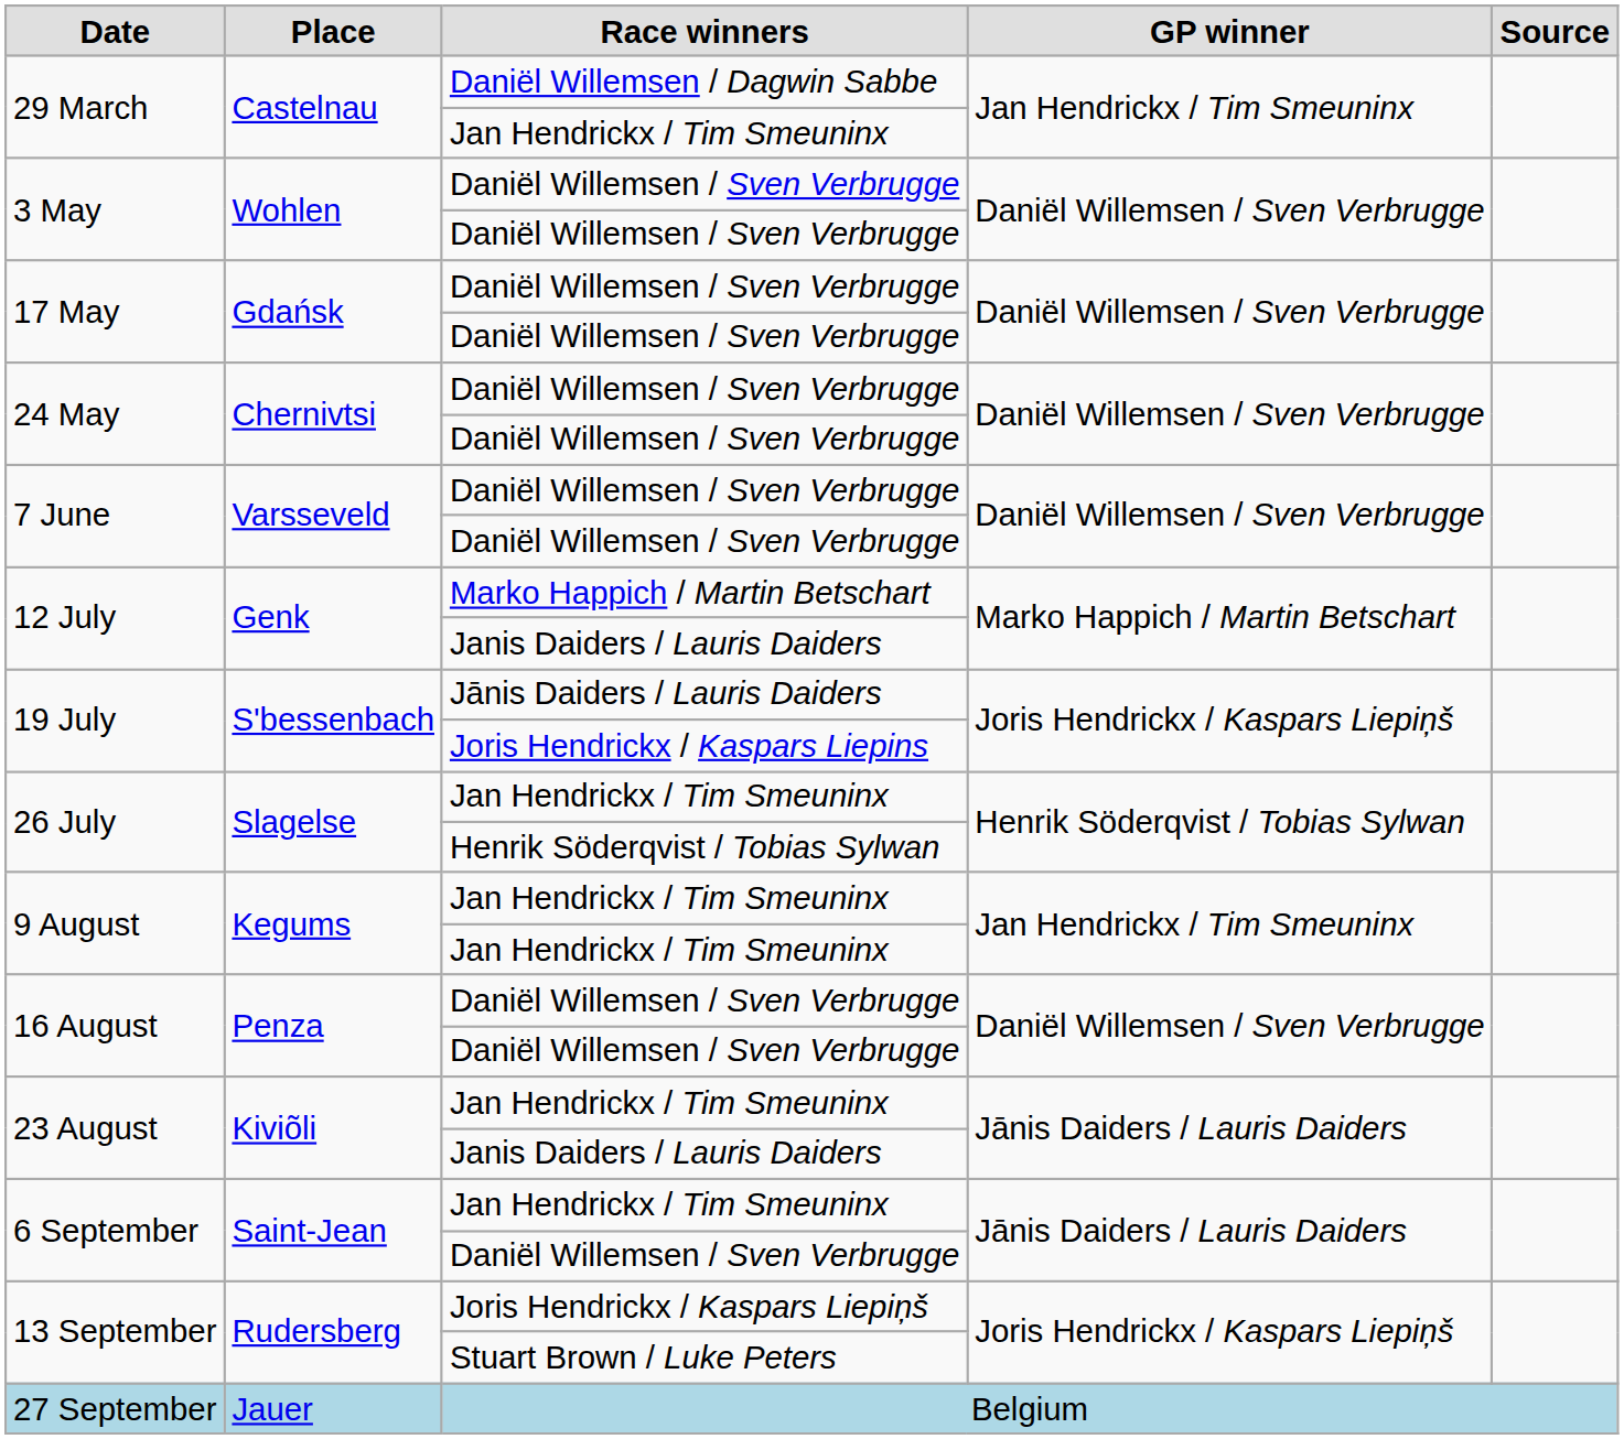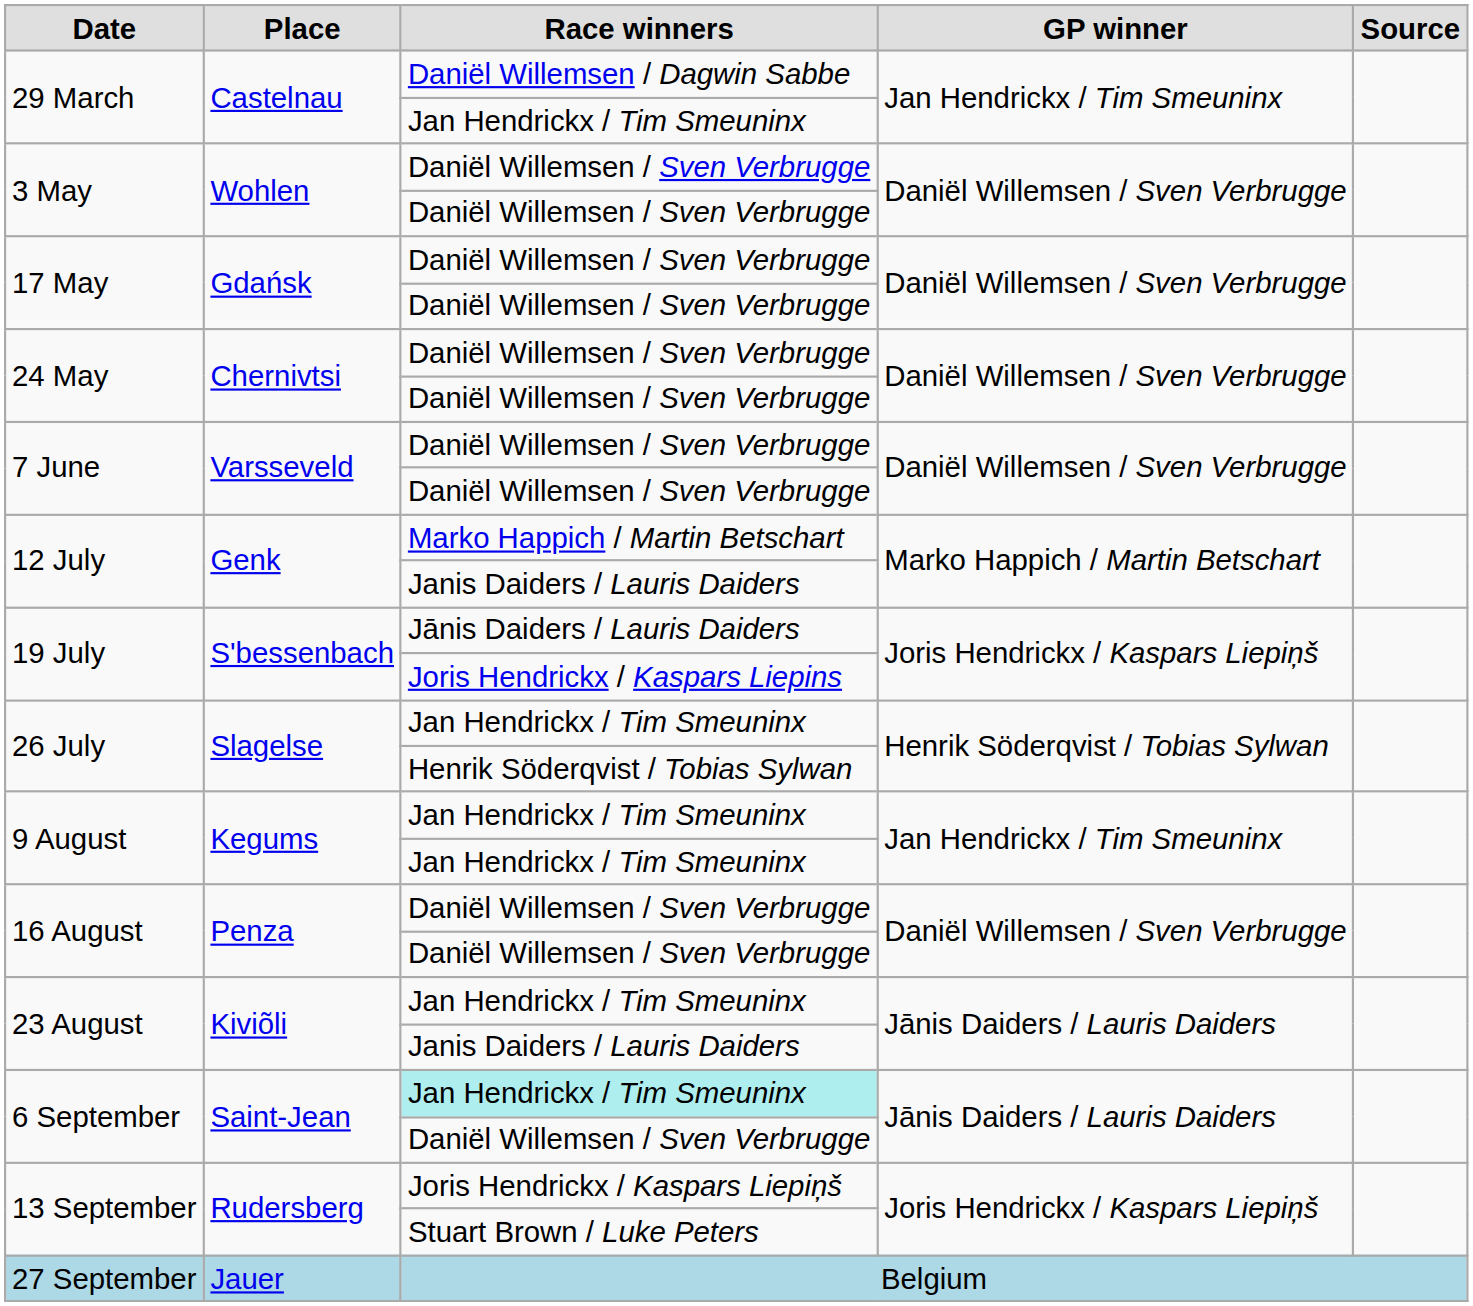 <table class="wikitable" style="font-size: 85%;">
 <tr align="center" style="background:#dfdfdf;">
 <td><strong>Date</strong></td>
 <td><strong>Place</strong></td>
 <td><strong>Race winners</strong></td>
 <td><strong>GP winner</strong></td>
 <td><strong>Source</strong></td>
 </tr>
 <tr>
 <td rowspan=2>29 March</td>
 <td rowspan=2> <a href='#'>Castelnau</a></td>
 <td> <a href='#'>Daniël Willemsen</a> /  <em>Dagwin Sabbe</em></td>
 <td rowspan=2> Jan Hendrickx / <em>Tim Smeuninx</em></td>
 <td rowspan=2></td>
 </tr>
 <tr>
 <td> Jan Hendrickx / <em>Tim Smeuninx</em></td>
 </tr>
 <tr>
 <td rowspan=2>3 May</td>
 <td rowspan=2> <a href='#'>Wohlen</a></td>
 <td> Daniël Willemsen /  <em><a href='#'>Sven Verbrugge</a></em></td>
 <td rowspan=2> Daniël Willemsen /  <em>Sven Verbrugge</em></td>
 <td rowspan=2></td>
 </tr>
 <tr>
 <td> Daniël Willemsen /  <em>Sven Verbrugge</em></td>
 </tr>
 <tr>
 <td rowspan=2>17 May</td>
 <td rowspan=2> <a href='#'>Gdańsk</a></td>
 <td> Daniël Willemsen /  <em>Sven Verbrugge</em></td>
 <td rowspan=2> Daniël Willemsen /  <em>Sven Verbrugge</em></td>
 <td rowspan=2></td>
 </tr>
 <tr>
 <td> Daniël Willemsen /  <em>Sven Verbrugge</em></td>
 </tr>
 <tr>
 <td rowspan=2>24 May</td>
 <td rowspan=2> <a href='#'>Chernivtsi</a></td>
 <td> Daniël Willemsen /  <em>Sven Verbrugge</em></td>
 <td rowspan=2> Daniël Willemsen /  <em>Sven Verbrugge</em></td>
 <td rowspan=2></td>
 </tr>
 <tr>
 <td> Daniël Willemsen /  <em>Sven Verbrugge</em></td>
 </tr>
 <tr>
 <td rowspan=2>7 June</td>
 <td rowspan=2> <a href='#'>Varsseveld</a></td>
 <td> Daniël Willemsen /  <em>Sven Verbrugge</em></td>
 <td rowspan=2> Daniël Willemsen /  <em>Sven Verbrugge</em></td>
 <td rowspan=2></td>
 </tr>
 <tr>
 <td> Daniël Willemsen /  <em>Sven Verbrugge</em></td>
 </tr>
 <tr>
 <td rowspan=2>12 July</td>
 <td rowspan=2> <a href='#'>Genk</a></td>
 <td> <a href='#'>Marko Happich</a> /  <em>Martin Betschart</em></td>
 <td rowspan=2> Marko Happich /  <em>Martin Betschart</em></td>
 <td rowspan=2></td>
 </tr>
 <tr>
 <td> Janis Daiders / <em>Lauris Daiders</em></td>
 </tr>
 <tr>
 <td rowspan=2>19 July</td>
 <td rowspan=2> <a href='#'>S'bessenbach</a></td>
 <td> Jānis Daiders / <em>Lauris Daiders</em></td>
 <td rowspan=2> Joris Hendrickx /  <em>Kaspars Liepiņš</em></td>
 <td rowspan=2></td>
 </tr>
 <tr>
 <td> <a href='#'>Joris Hendrickx</a> /  <em><a href='#'>Kaspars Liepins</a></em></td>
 </tr>
 <tr>
 <td rowspan=2>26 July</td>
 <td rowspan=2> <a href='#'>Slagelse</a></td>
 <td> Jan Hendrickx / <em>Tim Smeuninx</em></td>
 <td rowspan=2> Henrik Söderqvist / <em>Tobias Sylwan</em></td>
 <td rowspan=2></td>
 </tr>
 <tr>
 <td> Henrik Söderqvist / <em>Tobias Sylwan</em></td>
 </tr>
 <tr>
 <td rowspan=2>9 August</td>
 <td rowspan=2> <a href='#'>Kegums</a></td>
 <td> Jan Hendrickx / <em>Tim Smeuninx</em></td>
 <td rowspan=2> Jan Hendrickx / <em>Tim Smeuninx</em></td>
 <td rowspan=2></td>
 </tr>
 <tr>
 <td> Jan Hendrickx / <em>Tim Smeuninx</em></td>
 </tr>
 <tr>
 <td rowspan=2>16 August</td>
 <td rowspan=2> <a href='#'>Penza</a></td>
 <td> Daniël Willemsen /  <em>Sven Verbrugge</em></td>
 <td rowspan=2> Daniël Willemsen /  <em>Sven Verbrugge</em></td>
 <td rowspan=2></td>
 </tr>
 <tr>
 <td> Daniël Willemsen /  <em>Sven Verbrugge</em></td>
 </tr>
 <tr>
 <td rowspan=2>23 August</td>
 <td rowspan=2> <a href='#'>Kiviõli</a></td>
 <td> Jan Hendrickx / <em>Tim Smeuninx</em></td>
 <td rowspan=2> Jānis Daiders / <em>Lauris Daiders</em></td>
 <td rowspan=2></td>
 </tr>
 <tr>
 <td> Janis Daiders / <em>Lauris Daiders</em></td>
 </tr>
 <tr>
 <td rowspan=2>6 September</td>
 <td rowspan=2> <a href='#'>Saint-Jean</a></td>
-<td> Jan Hendrickx / <em>Tim Smeuninx</em></td>
+<td style="background: paleturquoise;"> Jan Hendrickx / <em>Tim Smeuninx</em></td>
 <td rowspan=2> Jānis Daiders / <em>Lauris Daiders</em></td>
 <td rowspan=2></td>
 </tr>
 <tr>
 <td> Daniël Willemsen /  <em>Sven Verbrugge</em></td>
 </tr>
 <tr>
 <td rowspan=2>13 September</td>
 <td rowspan=2> <a href='#'>Rudersberg</a></td>
 <td> Joris Hendrickx /  <em>Kaspars Liepiņš</em></td>
 <td rowspan=2> Joris Hendrickx /  <em>Kaspars Liepiņš</em></td>
 <td rowspan=2></td>
 </tr>
 <tr>
 <td> Stuart Brown / <em>Luke Peters</em></td>
 </tr>
 <tr style="background:lightblue;">
 <td rowspan=2>27 September</td>
 <td rowspan=2> <a href='#'>Jauer</a></td>
 <td colspan=3 align="center"> Belgium</td>
 </tr>
 </table>
